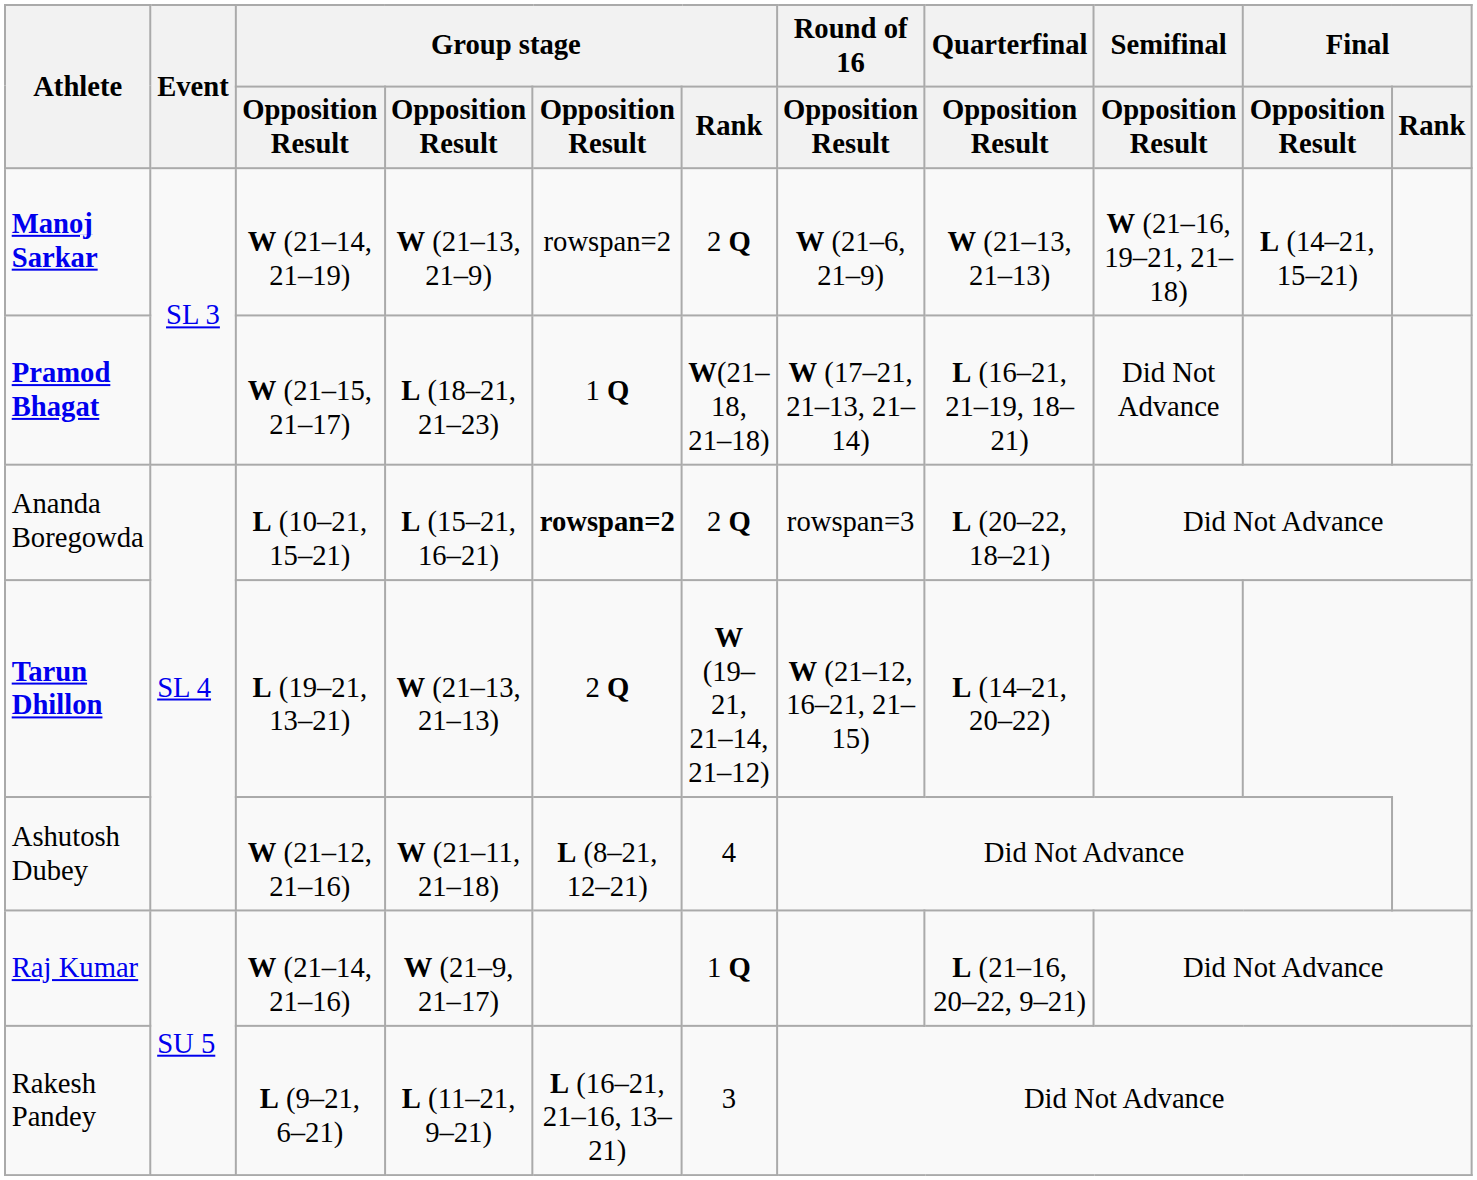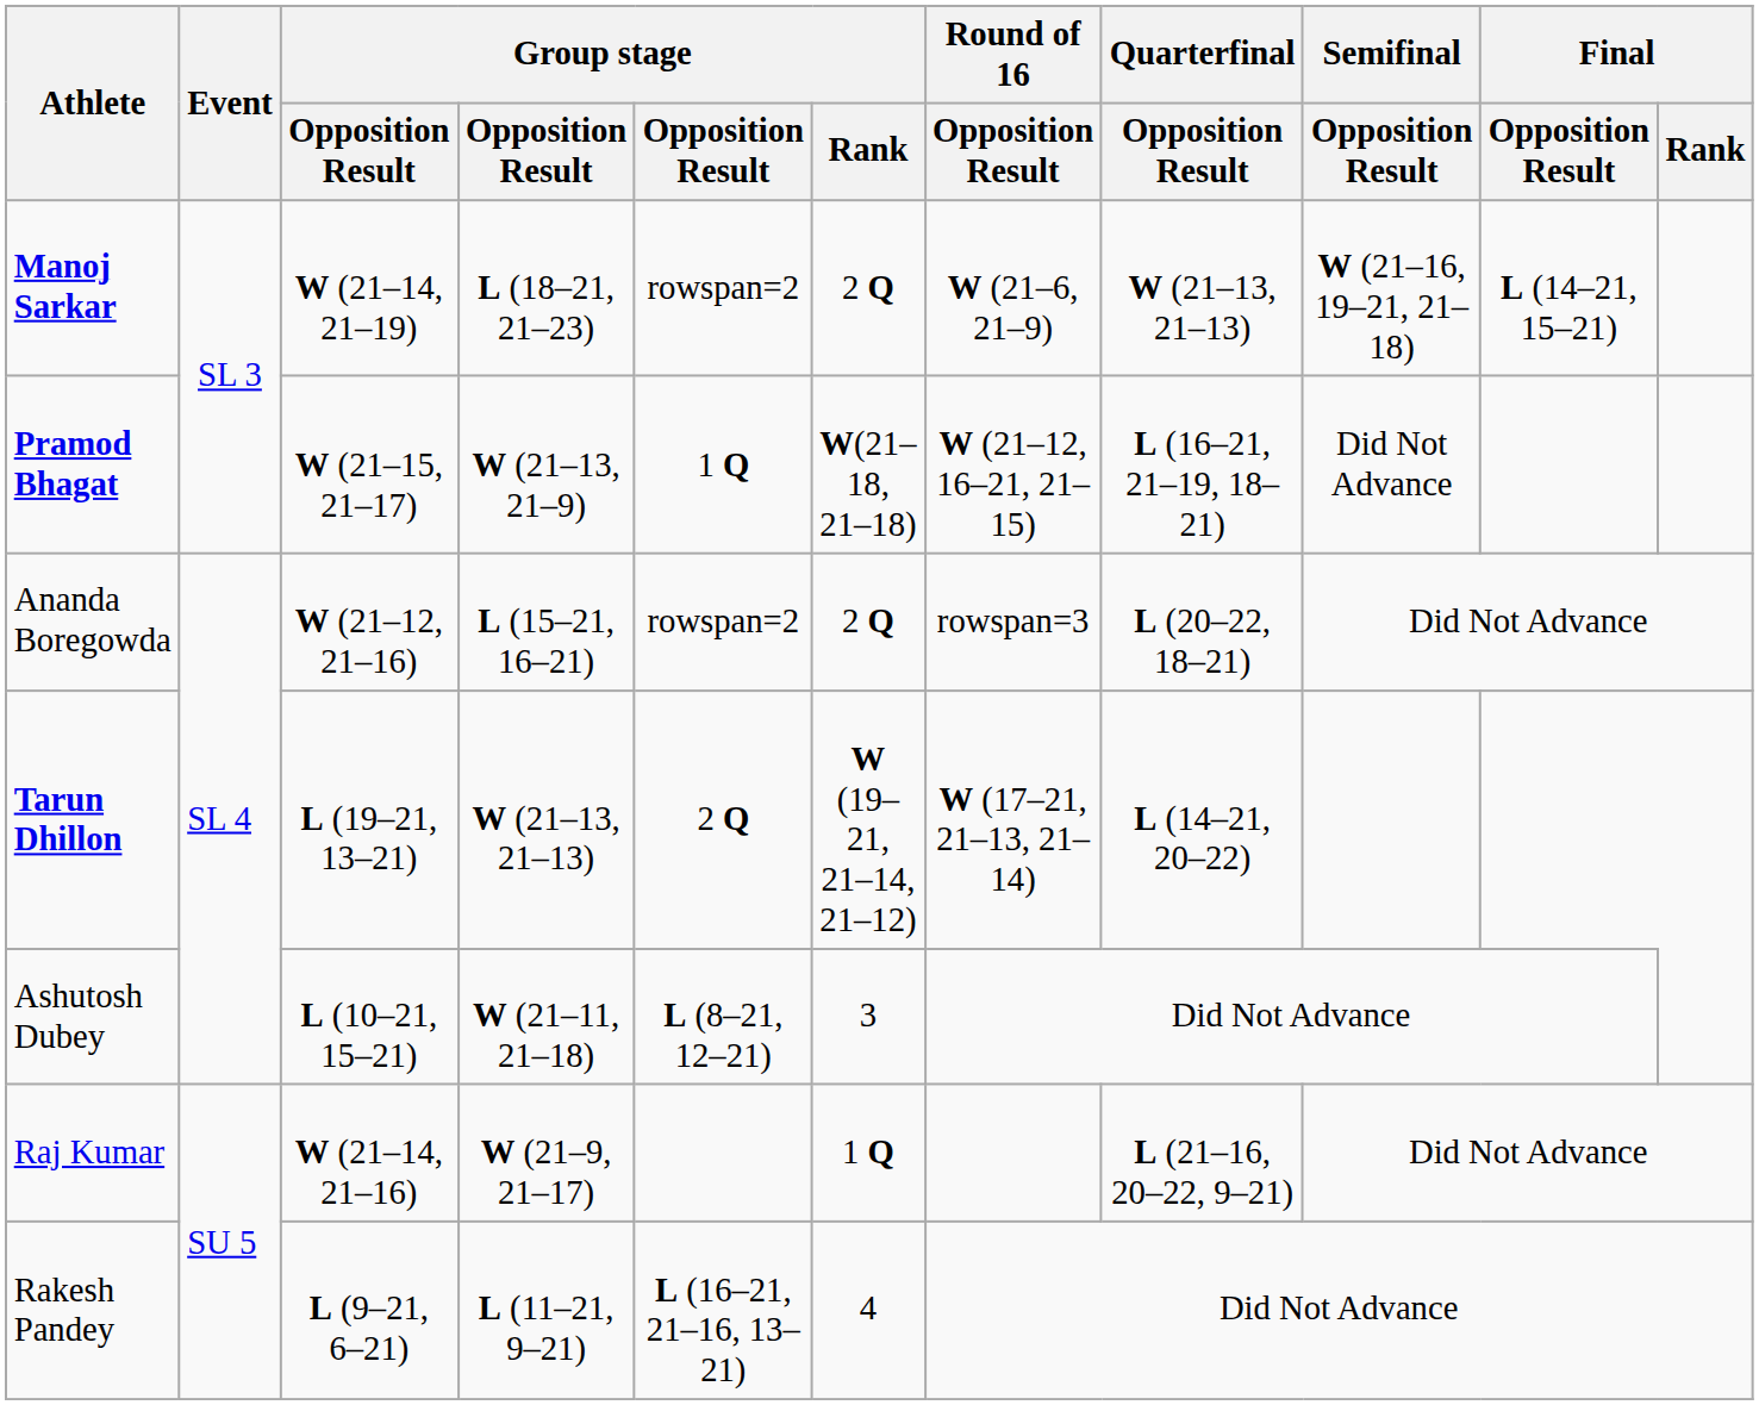 <table class="wikitable" style="text-align:center; font-size:90%">
 <tr>
 <th rowspan=2>Athlete</th>
 <th rowspan=2>Event</th>
 <th colspan=4>Group stage</th>
 <th>Round of 16</th>
 <th>Quarterfinal</th>
 <th>Semifinal</th>
 <th colspan=2>Final</th>
 </tr>
 <tr>
 <th>Opposition<br>Result</th>
 <th>Opposition<br>Result</th>
 <th>Opposition<br>Result</th>
 <th>Rank</th>
 <th>Opposition<br>Result</th>
 <th>Opposition<br>Result</th>
 <th>Opposition<br>Result</th>
 <th>Opposition<br>Result</th>
 <th>Rank</th>
 </tr>
 <tr>
 <td align=left><strong><a href='#'>Manoj Sarkar</a></strong></td>
 <td rowspan=2><a href='#'>SL 3</a></td>
 <td><br><strong>W</strong> (21–14, 21–19)</td>
-<td><br><strong>W</strong> (21–13, 21–9)</td>
+<td><br><strong>L</strong> (18–21, 21–23)</td>
 <td>rowspan=2 </td>
 <td>2 <strong>Q</strong></td>
 <td><br><strong>W</strong> (21–6, 21–9)</td>
 <td><br><strong>W</strong> (21–13, 21–13)</td>
 <td><br><strong>W</strong> (21–16, 19–21, 21–18)</td>
 <td><br><strong>L</strong> (14–21, 15–21)</td>
 <td></td>
 </tr>
 <tr>
 <td align=left><strong><a href='#'>Pramod Bhagat</a></strong></td>
 <td><br><strong>W</strong> (21–15, 21–17)</td>
-<td><br><strong>L</strong> (18–21, 21–23)</td>
+<td><br><strong>W</strong> (21–13, 21–9)</td>
 <td>1 <strong>Q</strong></td>
 <td><br><strong>W</strong>(21–18, 21–18)</td>
-<td><br><strong>W</strong> (17–21, 21–13, 21–14)</td>
+<td><br><strong>W</strong> (21–12, 16–21, 21–15)</td>
 <td><br><strong>L</strong> (16–21, 21–19, 18–21)</td>
 <td>Did Not Advance</td>
 <td></td>
 </tr>
 <tr>
 <td align=left>Ananda Boregowda</td>
 <td align=left rowspan=3><a href='#'>SL 4</a></td>
-<td><br><strong>L</strong> (10–21, 15–21)</td>
+<td><br><strong>W</strong> (21–12, 21–16)</td>
 <td><br><strong>L</strong> (15–21, 16–21)</td>
-<td><strong>rowspan=2 </strong></td>
+<td>rowspan=2 </td>
 <td>2 <strong>Q</strong></td>
 <td>rowspan=3 </td>
 <td><br><strong>L</strong> (20–22, 18–21)</td>
 <td colspan="3">Did Not Advance</td>
 </tr>
 <tr>
 <td align=left><strong><a href='#'>Tarun Dhillon</a></strong></td>
 <td><br><strong>L</strong> (19–21, 13–21)</td>
 <td><br><strong>W</strong> (21–13, 21–13)</td>
 <td>2 <strong>Q</strong></td>
 <td><br><strong>W</strong> (19–21, 21–14, 21–12)</td>
-<td><br><strong>W</strong> (21–12, 16–21, 21–15)</td>
+<td><br><strong>W</strong> (17–21, 21–13, 21–14)</td>
 <td><br><strong>L</strong> (14–21, 20–22)</td>
 <td></td>
 </tr>
 <tr>
 <td align=left>Ashutosh Dubey</td>
-<td><br><strong>W</strong> (21–12, 21–16)</td>
+<td><br><strong>L</strong> (10–21, 15–21)</td>
 <td><br><strong>W</strong> (21–11, 21–18)</td>
 <td><br><strong>L</strong> (8–21, 12–21)</td>
-<td>4</td>
+<td>3</td>
 <td colspan="4">Did Not Advance</td>
 </tr>
 <tr>
 <td align=left><a href='#'>Raj Kumar</a></td>
 <td align=left rowspan=2><a href='#'>SU 5</a></td>
 <td><br><strong>W</strong> (21–14, 21–16)</td>
 <td><br><strong>W</strong> (21–9, 21–17)</td>
 <td></td>
 <td>1 <strong>Q</strong></td>
 <td></td>
 <td><br><strong>L</strong> (21–16, 20–22, 9–21)</td>
 <td colspan=3>Did Not Advance</td>
 </tr>
 <tr>
 <td align=left>Rakesh Pandey</td>
 <td><br><strong>L</strong> (9–21, 6–21)</td>
 <td><br><strong>L</strong> (11–21, 9–21)</td>
 <td><br><strong>L</strong> (16–21, 21–16, 13–21)</td>
-<td>3</td>
+<td>4</td>
 <td colspan="5">Did Not Advance</td>
 </tr>
 </table>
